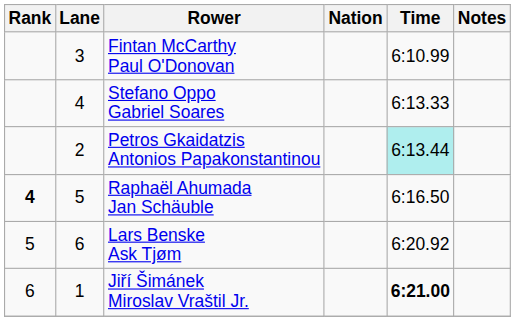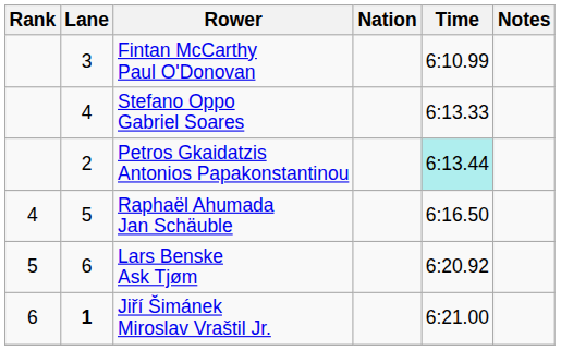 <table class="wikitable sortable" style="text-align:center">
 <tr>
 <th>Rank</th>
 <th>Lane</th>
 <th>Rower</th>
 <th>Nation</th>
 <th>Time</th>
 <th>Notes</th>
 </tr>
 <tr>
 <td></td>
 <td>3</td>
 <td align=left><a href='#'>Fintan McCarthy</a><br><a href='#'>Paul O'Donovan</a></td>
 <td align=left></td>
 <td>6:10.99</td>
 <td></td>
 </tr>
 <tr>
 <td></td>
 <td>4</td>
 <td align=left><a href='#'>Stefano Oppo</a><br><a href='#'>Gabriel Soares</a></td>
 <td align=left></td>
 <td>6:13.33</td>
 <td></td>
 </tr>
 <tr>
 <td></td>
 <td>2</td>
 <td align=left><a href='#'>Petros Gkaidatzis</a><br><a href='#'>Antonios Papakonstantinou</a></td>
 <td align=left></td>
 <td style="background: paleturquoise;">6:13.44</td>
 <td></td>
 </tr>
 <tr>
-<td><strong>4</strong></td>
+<td>4</td>
 <td>5</td>
 <td align=left><a href='#'>Raphaël Ahumada</a><br><a href='#'>Jan Schäuble</a></td>
 <td align=left></td>
 <td>6:16.50</td>
 <td></td>
 </tr>
 <tr>
 <td>5</td>
 <td>6</td>
 <td align=left><a href='#'>Lars Benske</a><br><a href='#'>Ask Tjøm</a></td>
 <td align=left></td>
 <td>6:20.92</td>
 <td></td>
 </tr>
 <tr>
 <td>6</td>
-<td>1</td>
+<td><strong>1</strong></td>
 <td align=left><a href='#'>Jiří Šimánek</a><br><a href='#'>Miroslav Vraštil Jr.</a></td>
 <td align=left></td>
-<td><strong>6:21.00</strong></td>
+<td>6:21.00</td>
 <td></td>
 </tr>
 <tr>
 </tr>
 </table>
